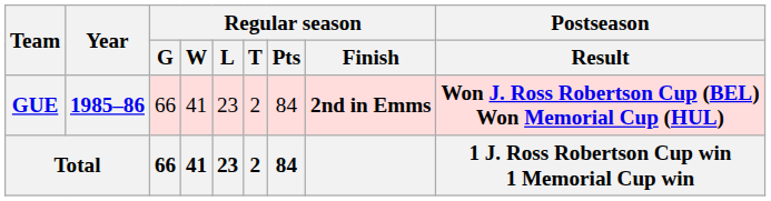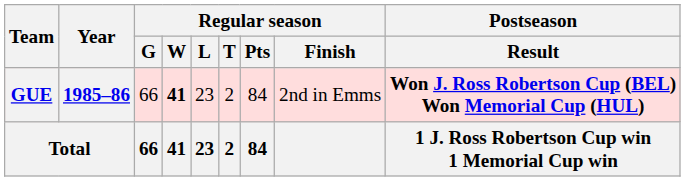 <table class="wikitable" style="font-size: 95%; text-align:center;">
 <tr>
 <th rowspan="2">Team</th>
 <th rowspan="2">Year</th>
 <th colspan="6">Regular season</th>
 <th>Postseason</th>
 </tr>
 <tr>
 <th>G</th>
 <th>W</th>
 <th>L</th>
 <th>T</th>
 <th>Pts</th>
 <th>Finish</th>
 <th>Result</th>
 </tr>
 <tr style="background:#fdd;">
 <th><a href='#'>GUE</a></th>
 <th><a href='#'>1985–86</a></th>
 <td>66</td>
-<td>41</td>
+<td><strong>41</strong></td>
 <td>23</td>
 <td>2</td>
 <td>84</td>
-<td><strong>2nd in Emms</strong></td>
+<td>2nd in Emms</td>
 <td><strong>Won <a href='#'>J. Ross Robertson Cup</a> (<a href='#'>BEL</a>)</strong><br><strong>Won <a href='#'>Memorial Cup</a> (<a href='#'>HUL</a>)</strong></td>
 </tr>
 <tr>
 <th colspan="2">Total</th>
 <th>66</th>
 <th>41</th>
 <th>23</th>
 <th>2</th>
 <th>84</th>
 <th> </th>
 <th>1 J. Ross Robertson Cup win<br>1 Memorial Cup win</th>
 </tr>
 </table>
